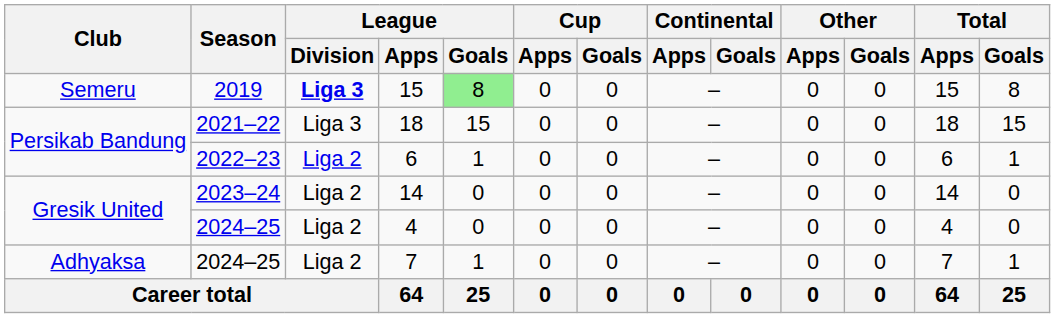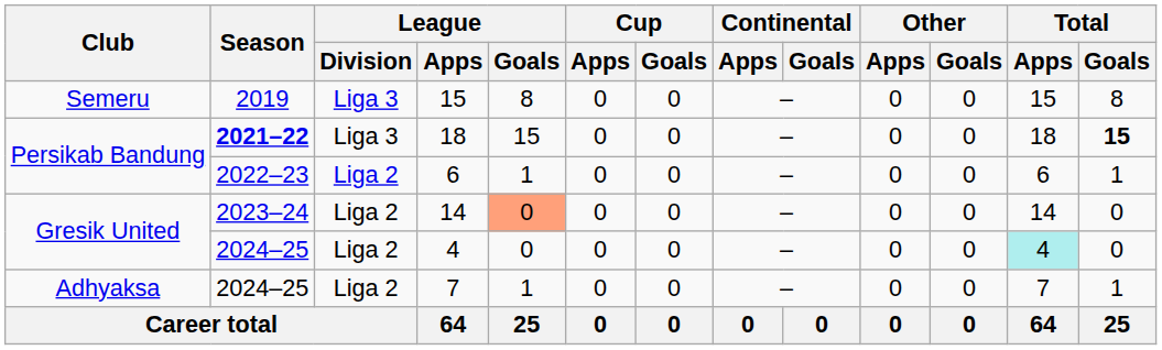 <table class="wikitable" style="text-align: center">
 <tr>
 <th rowspan="2">Club</th>
 <th rowspan="2">Season</th>
 <th colspan="3">League</th>
 <th colspan="2">Cup</th>
 <th colspan="2">Continental</th>
 <th colspan="2">Other</th>
 <th colspan="3">Total</th>
 </tr>
 <tr>
 <th>Division</th>
 <th>Apps</th>
 <th>Goals</th>
 <th>Apps</th>
 <th>Goals</th>
 <th>Apps</th>
 <th>Goals</th>
 <th>Apps</th>
 <th>Goals</th>
 <th>Apps</th>
 <th>Goals</th>
 </tr>
 <tr>
 <td rowspan="1"><a href='#'>Semeru</a></td>
 <td><a href='#'>2019</a></td>
-<td rowspan="1" valign="center"><strong><a href='#'>Liga 3</a></strong></td>
+<td rowspan="1" valign="center"><a href='#'>Liga 3</a></td>
 <td>15</td>
-<td style="background: lightgreen;">8</td>
+<td>8</td>
 <td>0</td>
 <td>0</td>
 <td colspan="2">–</td>
 <td>0</td>
 <td>0</td>
 <td>15</td>
 <td>8</td>
 </tr>
 <tr>
 <td rowspan="2"><a href='#'>Persikab Bandung</a></td>
-<td><a href='#'>2021–22</a></td>
+<td><strong><a href='#'>2021–22</a></strong></td>
 <td rowspan="1" valign="center">Liga 3</td>
 <td>18</td>
 <td>15</td>
 <td>0</td>
 <td>0</td>
 <td colspan="2">–</td>
 <td>0</td>
 <td>0</td>
 <td>18</td>
-<td>15</td>
+<td><strong>15</strong></td>
 </tr>
 <tr>
 <td><a href='#'>2022–23</a></td>
 <td rowspan="1" valign="center"><a href='#'>Liga 2</a></td>
 <td>6</td>
 <td>1</td>
 <td>0</td>
 <td>0</td>
 <td colspan="2">–</td>
 <td>0</td>
 <td>0</td>
 <td>6</td>
 <td>1</td>
 </tr>
 <tr>
 <td rowspan="2"><a href='#'>Gresik United</a></td>
 <td><a href='#'>2023–24</a></td>
 <td rowspan="1" valign="center">Liga 2</td>
 <td>14</td>
-<td>0</td>
+<td style="background: lightsalmon;">0</td>
 <td>0</td>
 <td>0</td>
 <td colspan="2">–</td>
 <td>0</td>
 <td>0</td>
 <td>14</td>
 <td>0</td>
 </tr>
 <tr>
 <td><a href='#'>2024–25</a></td>
 <td rowspan="1" valign="center">Liga 2</td>
 <td>4</td>
 <td>0</td>
 <td>0</td>
 <td>0</td>
 <td colspan="2">–</td>
 <td>0</td>
 <td>0</td>
-<td>4</td>
+<td style="background: paleturquoise;">4</td>
 <td>0</td>
 </tr>
 <tr>
 <td rowspan="1"><a href='#'>Adhyaksa</a></td>
 <td>2024–25</td>
 <td rowspan="1" valign="center">Liga 2</td>
 <td>7</td>
 <td>1</td>
 <td>0</td>
 <td>0</td>
 <td colspan="2">–</td>
 <td>0</td>
 <td>0</td>
 <td>7</td>
 <td>1</td>
 </tr>
 <tr>
 <th colspan="3">Career total</th>
 <th>64</th>
 <th>25</th>
 <th>0</th>
 <th>0</th>
 <th>0</th>
 <th>0</th>
 <th>0</th>
 <th>0</th>
 <th>64</th>
 <th>25</th>
 </tr>
 </table>
